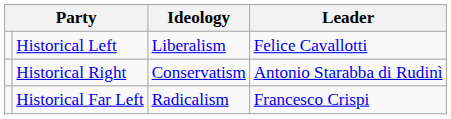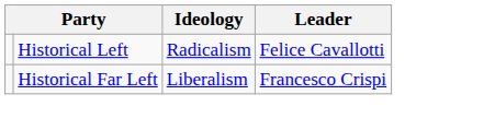 <table class=wikitable>
 <tr>
 <th colspan=2>Party</th>
 <th>Ideology</th>
 <th>Leader</th>
 </tr>
 <tr>
 <td></td>
 <td><a href='#'>Historical Left</a></td>
-<td><a href='#'>Liberalism</a></td>
+<td><a href='#'>Radicalism</a></td>
 <td><a href='#'>Felice Cavallotti</a></td>
 </tr>
 <tr>
 <td></td>
-<td><a href='#'>Historical Right</a></td>
-<td><a href='#'>Conservatism</a></td>
-<td><a href='#'>Antonio Starabba di Rudinì</a></td>
-</tr>
-<tr>
-<td></td>
 <td><a href='#'>Historical Far Left</a></td>
-<td><a href='#'>Radicalism</a></td>
+<td><a href='#'>Liberalism</a></td>
 <td><a href='#'>Francesco Crispi</a></td>
 </tr>
 </table>
